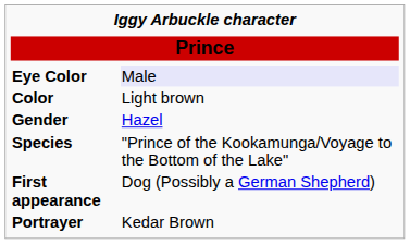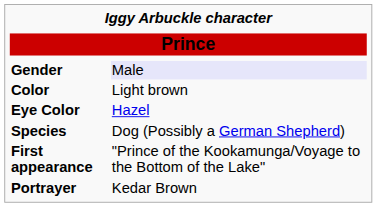 <table class="infobox" style="width: 25em;">
 <tr>
 <td colspan="2" style="text-align:center;"><strong><em>Iggy Arbuckle character</em></strong></td>
 </tr>
 <tr>
 <td colspan="2" style="text-align:center;"></td>
 </tr>
 <tr>
 <th colspan="2" style="font-size: larger; background-color:#c00; color:#000;"><strong>Prince</strong></th>
 </tr>
 <tr>
 <td colspan="2"></td>
 </tr>
 <tr>
-<td><strong>Eye Color</strong></td>
+<td><strong>Gender</strong></td>
 <td style="background: lavender;">Male</td>
 </tr>
 <tr>
 <td><strong>Color</strong></td>
 <td>Light brown</td>
 </tr>
 <tr>
-<td><strong>Gender</strong></td>
+<td><strong>Eye Color</strong></td>
 <td><a href='#'>Hazel</a></td>
 </tr>
 <tr>
 <td><strong>Species</strong></td>
-<td>"Prince of the Kookamunga/Voyage to the Bottom of the Lake"</td>
+<td>Dog (Possibly a <a href='#'>German Shepherd</a>)</td>
 </tr>
 <tr>
 <td><strong>First appearance</strong></td>
-<td>Dog (Possibly a <a href='#'>German Shepherd</a>)</td>
+<td>"Prince of the Kookamunga/Voyage to the Bottom of the Lake"</td>
 </tr>
 <tr>
 <td><strong>Portrayer</strong></td>
 <td>Kedar Brown</td>
 </tr>
 </table>
